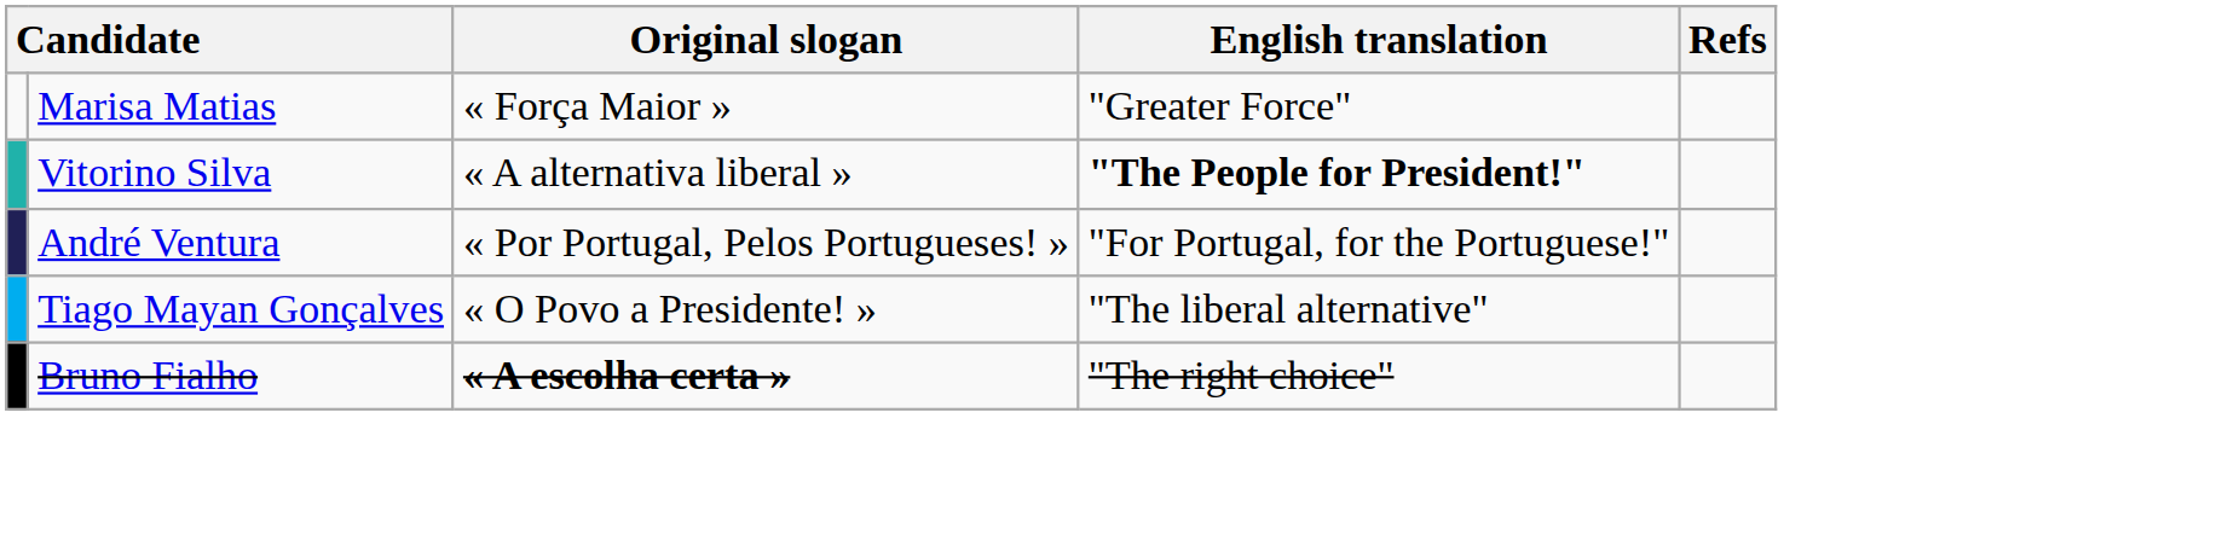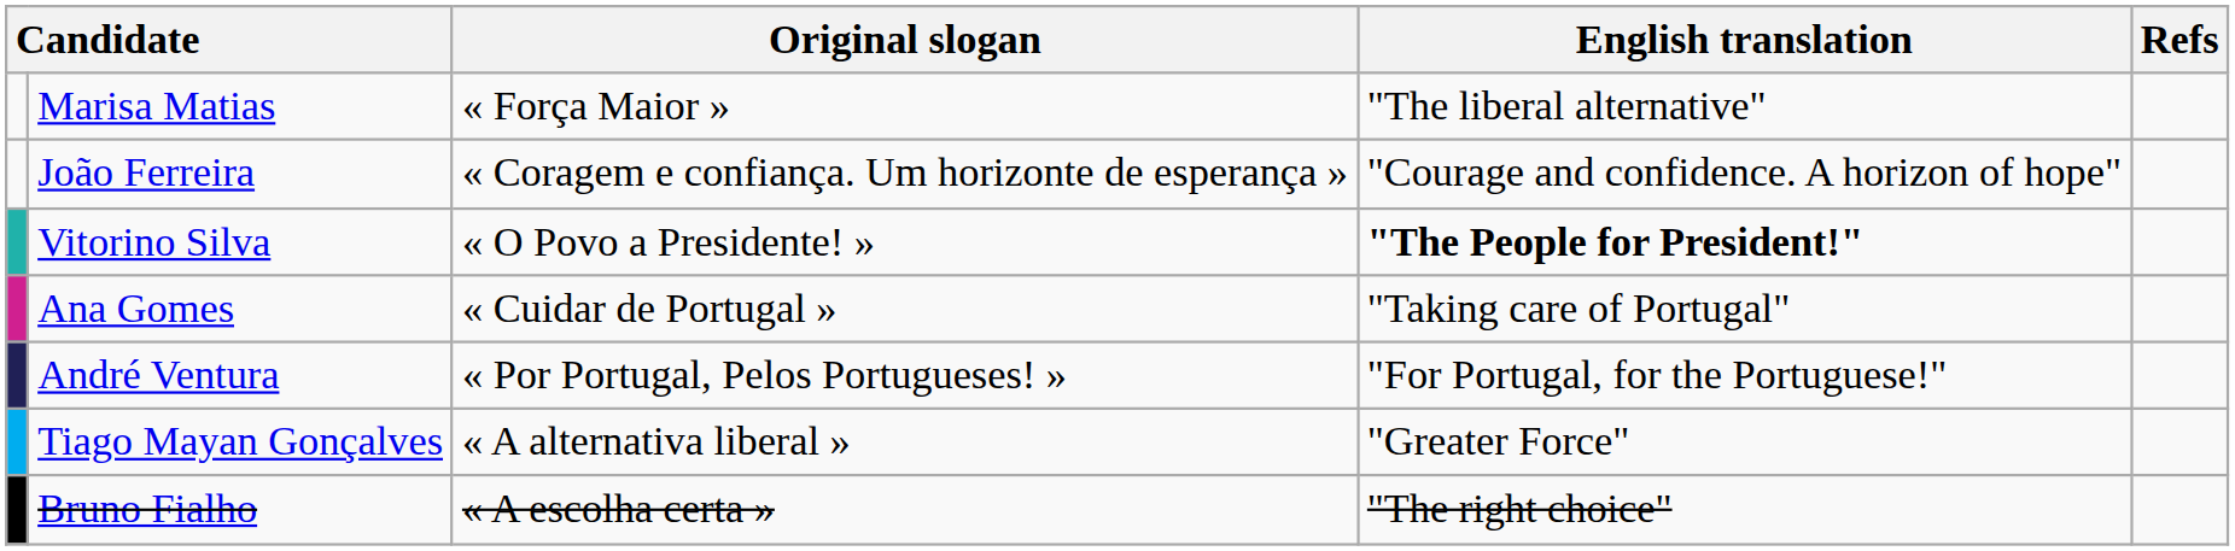 <table class="wikitable" style="font-size:97%; text-align:left;">
 <tr>
 <th style="text-align:left;" colspan="2">Candidate</th>
 <th>Original slogan</th>
 <th>English translation</th>
 <th>Refs</th>
 </tr>
 <tr>
 <td></td>
 <td><a href='#'>Marisa Matias</a></td>
 <td>« Força Maior »</td>
-<td>"Greater Force"</td>
+<td>"The liberal alternative"</td>
+<td></td>
+</tr>
+<tr>
+<td></td>
+<td><a href='#'>João Ferreira</a></td>
+<td>« Coragem e confiança. Um horizonte de esperança »</td>
+<td>"Courage and confidence. A horizon of hope"</td>
 <td></td>
 </tr>
 <tr>
 <td width="1" bgcolor="#20b2aa"></td>
 <td><a href='#'>Vitorino Silva</a></td>
-<td>« A alternativa liberal »</td>
+<td>« O Povo a Presidente! »</td>
 <td><strong>"The People for President!"</strong></td>
+<td></td>
+</tr>
+<tr>
+<td width="1" bgcolor="D02090"></td>
+<td><a href='#'>Ana Gomes</a></td>
+<td>« Cuidar de Portugal »</td>
+<td>"Taking care of Portugal"</td>
 <td></td>
 </tr>
 <tr>
 <td width="1" bgcolor="#202056"></td>
 <td><a href='#'>André Ventura</a></td>
 <td>« Por Portugal, Pelos Portugueses! »</td>
 <td>"For Portugal, for the Portuguese!"</td>
 <td></td>
 </tr>
 <tr>
 <td width="1" bgcolor="#00ADEF"></td>
 <td><a href='#'>Tiago Mayan Gonçalves</a></td>
-<td>« O Povo a Presidente! »</td>
-<td>"The liberal alternative"</td>
+<td>« A alternativa liberal »</td>
+<td>"Greater Force"</td>
 <td></td>
 </tr>
 <tr>
 <td width="1" bgcolor="black"></td>
 <td><s><a href='#'>Bruno Fialho</a></s></td>
-<td><strong><s>« A escolha certa »</s></strong></td>
+<td><s>« A escolha certa »</s></td>
 <td><s>"The right choice"</s></td>
 <td></td>
 </tr>
 </table>
